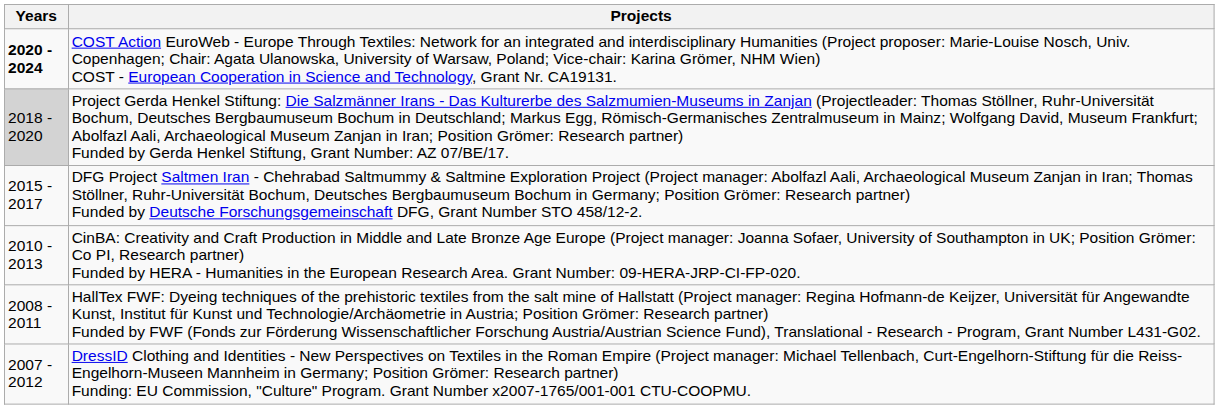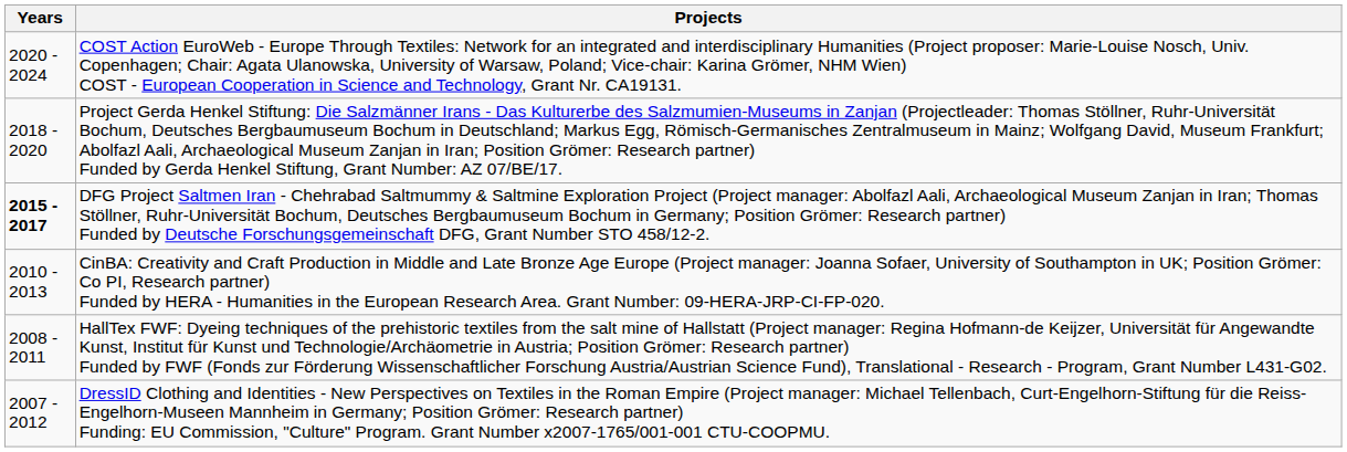 <table class="wikitable">
 <tr>
 <th>Years</th>
 <th>Projects</th>
 </tr>
 <tr>
-<td><strong>2020 - 2024</strong></td>
+<td>2020 - 2024</td>
 <td><a href='#'>COST Action</a> EuroWeb - Europe Through Textiles: Network for an integrated and interdisciplinary Humanities (Project proposer: Marie-Louise Nosch, Univ. Copenhagen; Chair: Agata Ulanowska, University of Warsaw, Poland; Vice-chair: Karina Grömer, NHM Wien)<br>COST - <a href='#'>European Cooperation in Science and Technology</a>, Grant Nr. CA19131.</td>
 </tr>
 <tr>
-<td style="background: lightgrey;">2018 - 2020</td>
+<td>2018 - 2020</td>
 <td>Project Gerda Henkel Stiftung: <a href='#'>Die Salzmänner Irans - Das Kulturerbe des Salzmumien-Museums in Zanjan</a> (Projectleader: Thomas Stöllner, Ruhr-Universität Bochum, Deutsches Bergbaumuseum Bochum in Deutschland; Markus Egg, Römisch-Germanisches Zentralmuseum in Mainz; Wolfgang David, Museum Frankfurt; Abolfazl Aali, Archaeological Museum Zanjan in Iran; Position Grömer: Research partner)<br>Funded by Gerda Henkel Stiftung, Grant Number: AZ 07/BE/17.</td>
 </tr>
 <tr>
-<td>2015 - 2017</td>
+<td><strong>2015 - 2017</strong></td>
 <td>DFG Project <a href='#'>Saltmen Iran</a> - Chehrabad Saltmummy & Saltmine Exploration Project (Project manager: Abolfazl Aali, Archaeological Museum Zanjan in Iran; Thomas Stöllner, Ruhr-Universität Bochum, Deutsches Bergbaumuseum Bochum in Germany; Position Grömer: Research partner)<br>Funded by <a href='#'>Deutsche Forschungsgemeinschaft</a> DFG, Grant Number STO 458/12-2.</td>
 </tr>
 <tr>
 <td>2010 - 2013</td>
 <td>CinBA: Creativity and Craft Production in Middle and Late Bronze Age Europe (Project manager: Joanna Sofaer, University of Southampton in UK; Position Grömer: Co PI, Research partner)<br>Funded by HERA - Humanities in the European Research Area. Grant Number: 09-HERA-JRP-CI-FP-020.</td>
 </tr>
 <tr>
 <td>2008 - 2011</td>
 <td>HallTex FWF: Dyeing techniques of the prehistoric textiles from the salt mine of Hallstatt (Project manager: Regina Hofmann-de Keijzer, Universität für Angewandte Kunst, Institut für Kunst und Technologie/Archäometrie in Austria; Position Grömer: Research partner)<br>Funded by FWF (Fonds zur Förderung Wissenschaftlicher Forschung Austria/Austrian Science Fund), Translational - Research - Program, Grant Number L431-G02.</td>
 </tr>
 <tr>
 <td>2007 - 2012</td>
 <td><a href='#'>DressID</a> Clothing and Identities - New Perspectives on Textiles in the Roman Empire (Project manager: Michael Tellenbach, Curt-Engelhorn-Stiftung für die Reiss-Engelhorn-Museen Mannheim in Germany; Position Grömer: Research partner)<br>Funding: EU Commission, "Culture" Program. Grant Number x2007-1765/001-001 CTU-COOPMU.</td>
 </tr>
 </table>
